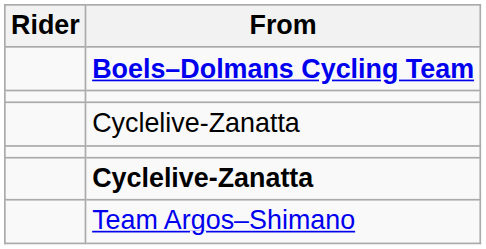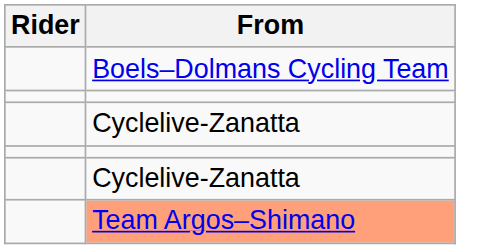 <table class="wikitable sortable">
 <tr>
 <th>Rider</th>
 <th>From</th>
 </tr>
 <tr>
 <td></td>
-<td><strong><a href='#'>Boels–Dolmans Cycling Team</a></strong></td>
+<td><a href='#'>Boels–Dolmans Cycling Team</a></td>
 </tr>
 <tr>
 <td></td>
 <td></td>
 </tr>
 <tr>
 <td></td>
 <td>Cyclelive-Zanatta</td>
 </tr>
 <tr>
 <td></td>
 <td></td>
 </tr>
 <tr>
 <td></td>
-<td><strong>Cyclelive-Zanatta</strong></td>
+<td>Cyclelive-Zanatta</td>
 </tr>
 <tr>
 <td></td>
-<td><a href='#'>Team Argos–Shimano</a></td>
+<td style="background: lightsalmon;"><a href='#'>Team Argos–Shimano</a></td>
 </tr>
 </table>
